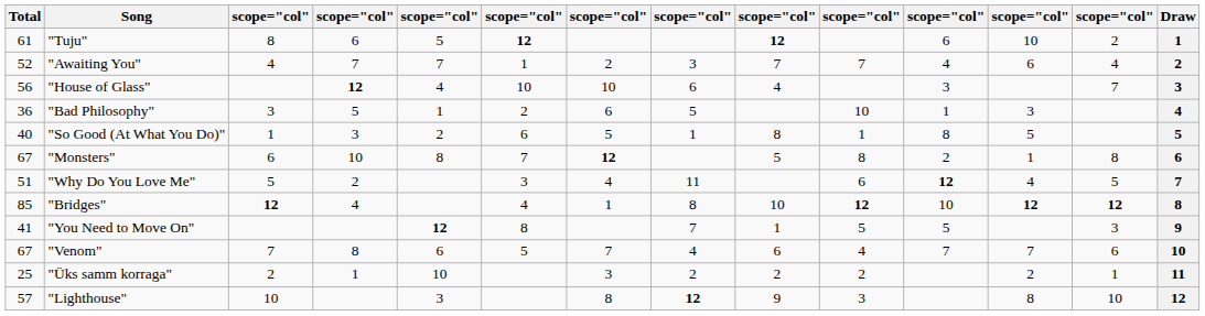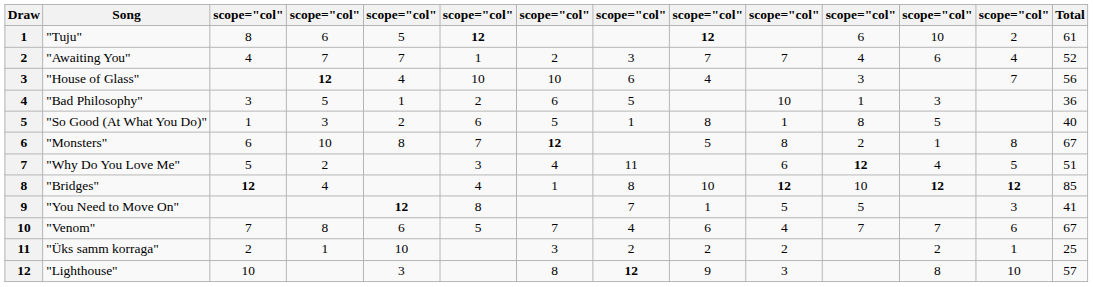 <table class="wikitable plainrowheaders collapsible" style="margin: 1em auto 1em auto; text-align:center;">
 <tr>
-<th>Total</th>
+<th>Draw</th>
 <th>Song</th>
 <th>scope="col" </th>
 <th>scope="col" </th>
 <th>scope="col" </th>
 <th>scope="col" </th>
 <th>scope="col" </th>
 <th>scope="col" </th>
 <th>scope="col" </th>
 <th>scope="col" </th>
 <th>scope="col" </th>
 <th>scope="col" </th>
 <th>scope="col" </th>
-<th>Draw</th>
+<th>Total</th>
 </tr>
 <tr>
-<td>61</td>
+<th scope="row" style="text-align:center;">1</th>
 <td align="left">"Tuju"</td>
 <td>8</td>
 <td>6</td>
 <td>5</td>
 <td><strong>12</strong></td>
 <td></td>
 <td></td>
 <td><strong>12</strong></td>
 <td></td>
 <td>6</td>
 <td>10</td>
 <td>2</td>
-<th scope="row" style="text-align:center;">1</th>
+<td>61</td>
 </tr>
 <tr>
-<td>52</td>
+<th scope="row" style="text-align:center;">2</th>
 <td align="left">"Awaiting You"</td>
 <td>4</td>
 <td>7</td>
 <td>7</td>
 <td>1</td>
 <td>2</td>
 <td>3</td>
 <td>7</td>
 <td>7</td>
 <td>4</td>
 <td>6</td>
 <td>4</td>
-<th scope="row" style="text-align:center;">2</th>
+<td>52</td>
 </tr>
 <tr>
-<td>56</td>
+<th scope="row" style="text-align:center;">3</th>
 <td align="left">"House of Glass"</td>
 <td></td>
 <td><strong>12</strong></td>
 <td>4</td>
 <td>10</td>
 <td>10</td>
 <td>6</td>
 <td>4</td>
 <td></td>
 <td>3</td>
 <td></td>
 <td>7</td>
-<th scope="row" style="text-align:center;">3</th>
+<td>56</td>
 </tr>
 <tr>
-<td>36</td>
+<th scope="row" style="text-align:center;">4</th>
 <td align="left">"Bad Philosophy"</td>
 <td>3</td>
 <td>5</td>
 <td>1</td>
 <td>2</td>
 <td>6</td>
 <td>5</td>
 <td></td>
 <td>10</td>
 <td>1</td>
 <td>3</td>
 <td></td>
-<th scope="row" style="text-align:center;">4</th>
+<td>36</td>
 </tr>
 <tr>
-<td>40</td>
+<th scope="row" style="text-align:center;">5</th>
 <td align="left">"So Good (At What You Do)"</td>
 <td>1</td>
 <td>3</td>
 <td>2</td>
 <td>6</td>
 <td>5</td>
 <td>1</td>
 <td>8</td>
 <td>1</td>
 <td>8</td>
 <td>5</td>
 <td></td>
-<th scope="row" style="text-align:center;">5</th>
+<td>40</td>
 </tr>
 <tr>
-<td>67</td>
+<th scope="row" style="text-align:center;">6</th>
 <td align="left">"Monsters"</td>
 <td>6</td>
 <td>10</td>
 <td>8</td>
 <td>7</td>
 <td><strong>12</strong></td>
 <td></td>
 <td>5</td>
 <td>8</td>
 <td>2</td>
 <td>1</td>
 <td>8</td>
-<th scope="row" style="text-align:center;">6</th>
+<td>67</td>
 </tr>
 <tr>
-<td>51</td>
+<th scope="row" style="text-align:center;">7</th>
 <td align="left">"Why Do You Love Me"</td>
 <td>5</td>
 <td>2</td>
 <td></td>
 <td>3</td>
 <td>4</td>
 <td>11</td>
 <td></td>
 <td>6</td>
 <td><strong>12</strong></td>
 <td>4</td>
 <td>5</td>
-<th scope="row" style="text-align:center;">7</th>
+<td>51</td>
 </tr>
 <tr>
-<td>85</td>
+<th scope="row" style="text-align:center;">8</th>
 <td align="left">"Bridges"</td>
 <td><strong>12</strong></td>
 <td>4</td>
 <td></td>
 <td>4</td>
 <td>1</td>
 <td>8</td>
 <td>10</td>
 <td><strong>12</strong></td>
 <td>10</td>
 <td><strong>12</strong></td>
 <td><strong>12</strong></td>
-<th scope="row" style="text-align:center;">8</th>
+<td>85</td>
 </tr>
 <tr>
-<td>41</td>
+<th scope="row" style="text-align:center;">9</th>
 <td align="left">"You Need to Move On"</td>
 <td></td>
 <td></td>
 <td><strong>12</strong></td>
 <td>8</td>
 <td></td>
 <td>7</td>
 <td>1</td>
 <td>5</td>
 <td>5</td>
 <td></td>
 <td>3</td>
-<th scope="row" style="text-align:center;">9</th>
+<td>41</td>
 </tr>
 <tr>
-<td>67</td>
+<th scope="row" style="text-align:center;">10</th>
 <td align="left">"Venom"</td>
 <td>7</td>
 <td>8</td>
 <td>6</td>
 <td>5</td>
 <td>7</td>
 <td>4</td>
 <td>6</td>
 <td>4</td>
 <td>7</td>
 <td>7</td>
 <td>6</td>
-<th scope="row" style="text-align:center;">10</th>
+<td>67</td>
 </tr>
 <tr>
-<td>25</td>
+<th scope="row" style="text-align:center;">11</th>
 <td align="left">"Üks samm korraga"</td>
 <td>2</td>
 <td>1</td>
 <td>10</td>
 <td></td>
 <td>3</td>
 <td>2</td>
 <td>2</td>
 <td>2</td>
 <td></td>
 <td>2</td>
 <td>1</td>
-<th scope="row" style="text-align:center;">11</th>
+<td>25</td>
 </tr>
 <tr>
-<td>57</td>
+<th scope="row" style="text-align:center;">12</th>
 <td align="left">"Lighthouse"</td>
 <td>10</td>
 <td></td>
 <td>3</td>
 <td></td>
 <td>8</td>
 <td><strong>12</strong></td>
 <td>9</td>
 <td>3</td>
 <td></td>
 <td>8</td>
 <td>10</td>
-<th scope="row" style="text-align:center;">12</th>
+<td>57</td>
 </tr>
 </table>
